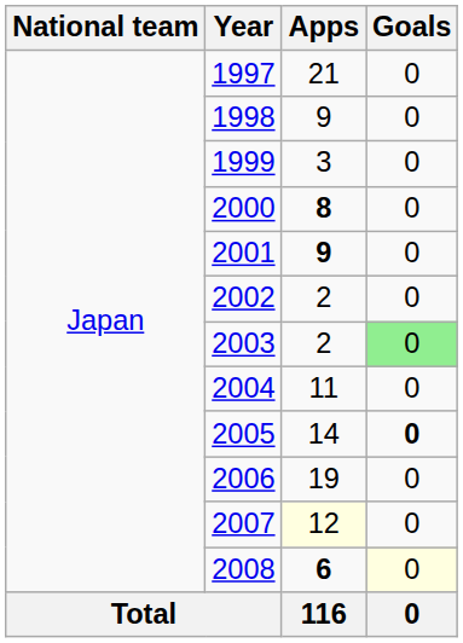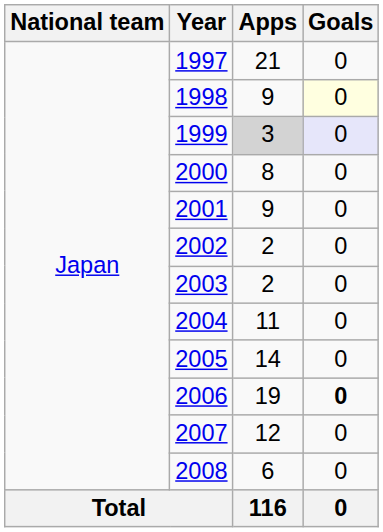 <table class="wikitable" style="text-align:center">
 <tr>
 <th>National team</th>
 <th>Year</th>
 <th>Apps</th>
 <th>Goals</th>
 </tr>
 <tr>
 <td rowspan="12"><a href='#'>Japan</a></td>
 <td><a href='#'>1997</a></td>
 <td>21</td>
 <td>0</td>
 </tr>
 <tr>
 <td><a href='#'>1998</a></td>
 <td>9</td>
-<td>0</td>
+<td style="background: lightyellow;">0</td>
 </tr>
 <tr>
 <td><a href='#'>1999</a></td>
-<td>3</td>
-<td>0</td>
+<td style="background: lightgrey;">3</td>
+<td style="background: lavender;">0</td>
 </tr>
 <tr>
 <td><a href='#'>2000</a></td>
-<td><strong>8</strong></td>
+<td>8</td>
 <td>0</td>
 </tr>
 <tr>
 <td><a href='#'>2001</a></td>
-<td><strong>9</strong></td>
+<td>9</td>
 <td>0</td>
 </tr>
 <tr>
 <td><a href='#'>2002</a></td>
 <td>2</td>
 <td>0</td>
 </tr>
 <tr>
 <td><a href='#'>2003</a></td>
 <td>2</td>
-<td style="background: lightgreen;">0</td>
+<td>0</td>
 </tr>
 <tr>
 <td><a href='#'>2004</a></td>
 <td>11</td>
 <td>0</td>
 </tr>
 <tr>
 <td><a href='#'>2005</a></td>
 <td>14</td>
-<td><strong>0</strong></td>
+<td>0</td>
 </tr>
 <tr>
 <td><a href='#'>2006</a></td>
 <td>19</td>
-<td>0</td>
+<td><strong>0</strong></td>
 </tr>
 <tr>
 <td><a href='#'>2007</a></td>
-<td style="background: lightyellow;">12</td>
+<td>12</td>
 <td>0</td>
 </tr>
 <tr>
 <td><a href='#'>2008</a></td>
-<td><strong>6</strong></td>
-<td style="background: lightyellow;">0</td>
+<td>6</td>
+<td>0</td>
 </tr>
 <tr>
 <th colspan="2">Total</th>
 <th>116</th>
 <th>0</th>
 </tr>
 </table>
